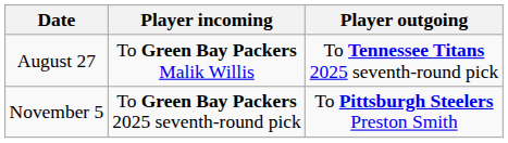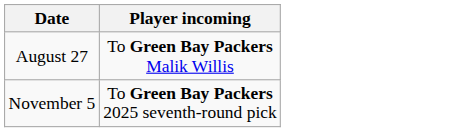 <table class="wikitable" style="text-align:center">
 <tr>
 <th>Date</th>
 <th>Player incoming</th>
-<th>Player outgoing</th>
 </tr>
 <tr>
 <td>August 27</td>
 <td>To <strong>Green Bay Packers</strong><br><a href='#'>Malik Willis</a></td>
-<td>To <strong><a href='#'>Tennessee Titans</a></strong><br><a href='#'>2025</a> seventh-round pick</td>
 </tr>
 <tr>
 <td>November 5</td>
 <td>To <strong>Green Bay Packers</strong><br>2025 seventh-round pick</td>
-<td>To <strong><a href='#'>Pittsburgh Steelers</a></strong><br><a href='#'>Preston Smith</a></td>
 </tr>
 </table>
